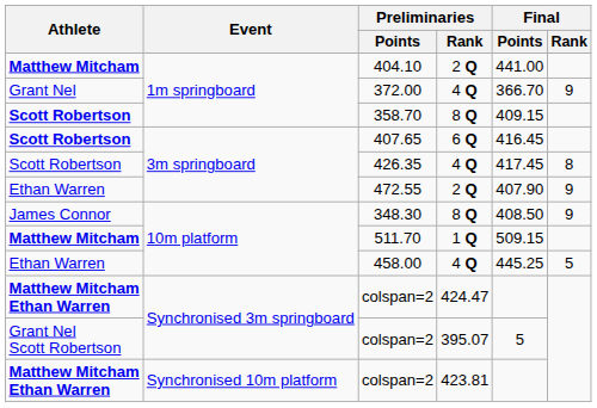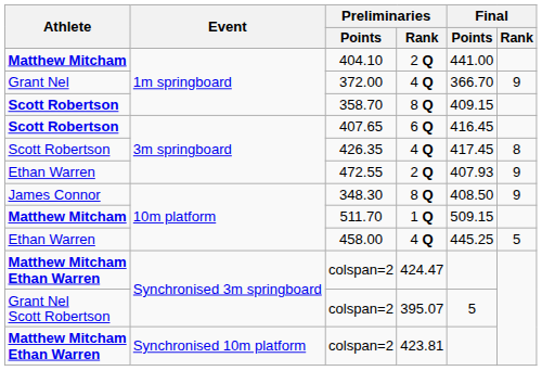 <table class=wikitable style="font-size:90%">
 <tr>
 <th rowspan="2">Athlete</th>
 <th rowspan="2">Event</th>
 <th colspan="2">Preliminaries</th>
 <th colspan="2">Final</th>
 </tr>
 <tr style="font-size:95%">
 <th>Points</th>
 <th>Rank</th>
 <th>Points</th>
 <th>Rank</th>
 </tr>
 <tr align=center>
 <td align=left><strong><a href='#'>Matthew Mitcham</a></strong></td>
 <td align=left rowspan=3><a href='#'>1m springboard</a></td>
 <td>404.10</td>
 <td>2 <strong>Q</strong></td>
 <td>441.00</td>
 <td></td>
 </tr>
 <tr align=center>
 <td align=left><a href='#'>Grant Nel</a></td>
 <td>372.00</td>
 <td>4 <strong>Q</strong></td>
 <td>366.70</td>
 <td>9</td>
 </tr>
 <tr align=center>
 <td align=left><strong><a href='#'>Scott Robertson</a></strong></td>
 <td>358.70</td>
 <td>8 <strong>Q</strong></td>
 <td>409.15</td>
 <td></td>
 </tr>
 <tr align=center>
 <td align=left><strong><a href='#'>Scott Robertson</a></strong></td>
 <td align=left rowspan=3><a href='#'>3m springboard</a></td>
 <td>407.65</td>
 <td>6 <strong>Q</strong></td>
 <td>416.45</td>
 <td></td>
 </tr>
 <tr align=center>
 <td align=left><a href='#'>Scott Robertson</a></td>
 <td>426.35</td>
 <td>4 <strong>Q</strong></td>
 <td>417.45</td>
 <td>8</td>
 </tr>
 <tr align=center>
 <td align=left><a href='#'>Ethan Warren</a></td>
 <td>472.55</td>
 <td>2 <strong>Q</strong></td>
-<td>407.90</td>
+<td>407.93</td>
 <td>9</td>
 </tr>
 <tr align=center>
 <td align=left><a href='#'>James Connor</a></td>
 <td align=left rowspan=3><a href='#'>10m platform</a></td>
 <td>348.30</td>
 <td>8 <strong>Q</strong></td>
 <td>408.50</td>
 <td>9</td>
 </tr>
 <tr align=center>
 <td align=left><strong><a href='#'>Matthew Mitcham</a></strong></td>
 <td>511.70</td>
 <td>1 <strong>Q</strong></td>
 <td>509.15</td>
 <td></td>
 </tr>
 <tr align=center>
 <td align=left><a href='#'>Ethan Warren</a></td>
 <td>458.00</td>
 <td>4 <strong>Q</strong></td>
 <td>445.25</td>
 <td>5</td>
 </tr>
 <tr align=center>
 <td align=left><strong><a href='#'>Matthew Mitcham</a><br><a href='#'>Ethan Warren</a></strong></td>
 <td align=left rowspan=2><a href='#'>Synchronised 3m springboard</a></td>
 <td>colspan=2 </td>
 <td>424.47</td>
 <td></td>
 </tr>
 <tr align=center>
 <td align=left><a href='#'>Grant Nel</a><br><a href='#'>Scott Robertson</a></td>
 <td>colspan=2 </td>
 <td>395.07</td>
 <td>5</td>
 </tr>
 <tr align=center>
 <td align=left><strong><a href='#'>Matthew Mitcham</a><br><a href='#'>Ethan Warren</a></strong></td>
 <td align=left><a href='#'>Synchronised 10m platform</a></td>
 <td>colspan=2 </td>
 <td>423.81</td>
 <td></td>
 </tr>
 </table>
